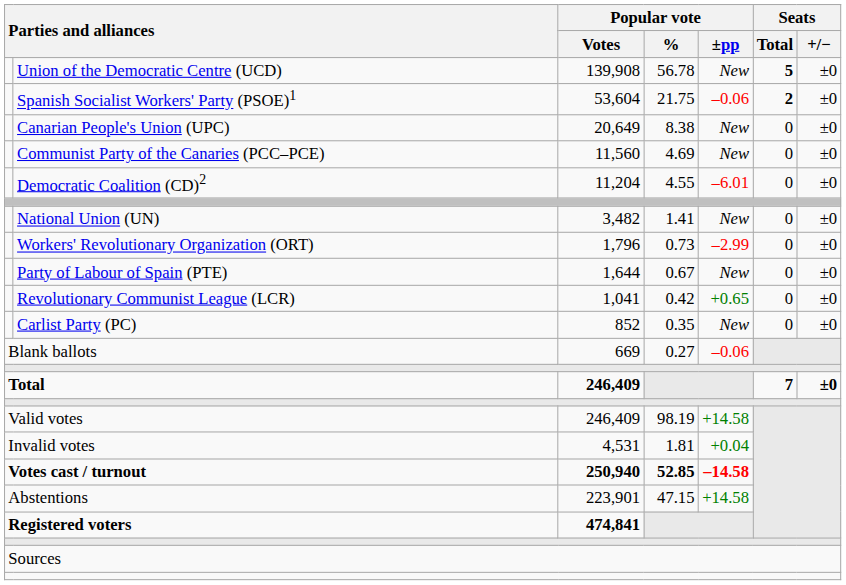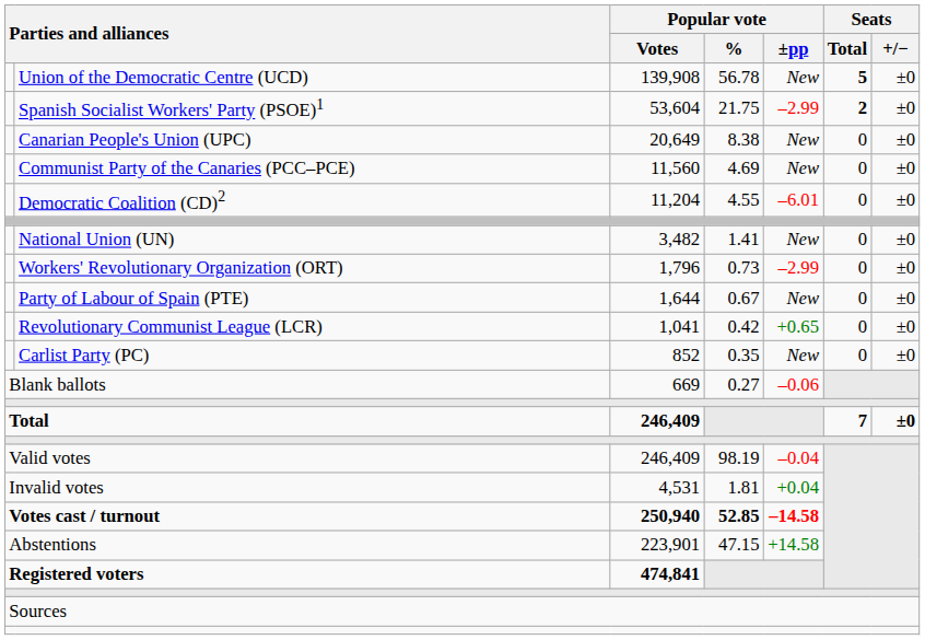 <table class="wikitable" style="text-align:right;">
 <tr>
 <th style="text-align:left;" rowspan="2" colspan="2" width="525">Parties and alliances</th>
 <th colspan="3">Popular vote</th>
 <th colspan="2">Seats</th>
 </tr>
 <tr>
 <th width="75">Votes</th>
 <th width="45">%</th>
 <th width="45">±<a href='#'>pp</a></th>
 <th width="35">Total</th>
 <th width="35">+/−</th>
 </tr>
 <tr>
 <td width="1" style="color:inherit;background:"></td>
 <td align="left"><a href='#'>Union of the Democratic Centre</a> (UCD)</td>
 <td>139,908</td>
 <td>56.78</td>
 <td><em>New</em></td>
 <td><strong>5</strong></td>
 <td>±0</td>
 </tr>
 <tr>
 <td style="color:inherit;background:"></td>
 <td align="left"><a href='#'>Spanish Socialist Workers' Party</a> (PSOE)<sup>1</sup></td>
 <td>53,604</td>
 <td>21.75</td>
-<td style="color:red;">–0.06</td>
+<td style="color:red;">–2.99</td>
 <td><strong>2</strong></td>
 <td>±0</td>
 </tr>
 <tr>
 <td style="color:inherit;background:"></td>
 <td align="left"><a href='#'>Canarian People's Union</a> (UPC)</td>
 <td>20,649</td>
 <td>8.38</td>
 <td><em>New</em></td>
 <td>0</td>
 <td>±0</td>
 </tr>
 <tr>
 <td style="color:inherit;background:"></td>
 <td align="left"><a href='#'>Communist Party of the Canaries</a> (PCC–PCE)</td>
 <td>11,560</td>
 <td>4.69</td>
 <td><em>New</em></td>
 <td>0</td>
 <td>±0</td>
 </tr>
 <tr>
 <td style="color:inherit;background:"></td>
 <td align="left"><a href='#'>Democratic Coalition</a> (CD)<sup>2</sup></td>
 <td>11,204</td>
 <td>4.55</td>
 <td style="color:red;">–6.01</td>
 <td>0</td>
 <td>±0</td>
 </tr>
 <tr>
 <td colspan="7" bgcolor="#C0C0C0"></td>
 </tr>
 <tr>
 <td style="color:inherit;background:"></td>
 <td align="left"><a href='#'>National Union</a> (UN)</td>
 <td>3,482</td>
 <td>1.41</td>
 <td><em>New</em></td>
 <td>0</td>
 <td>±0</td>
 </tr>
 <tr>
 <td style="color:inherit;background:"></td>
 <td align="left"><a href='#'>Workers' Revolutionary Organization</a> (ORT)</td>
 <td>1,796</td>
 <td>0.73</td>
 <td style="color:red;">–2.99</td>
 <td>0</td>
 <td>±0</td>
 </tr>
 <tr>
 <td style="color:inherit;background:"></td>
 <td align="left"><a href='#'>Party of Labour of Spain</a> (PTE)</td>
 <td>1,644</td>
 <td>0.67</td>
 <td><em>New</em></td>
 <td>0</td>
 <td>±0</td>
 </tr>
 <tr>
 <td style="color:inherit;background:"></td>
 <td align="left"><a href='#'>Revolutionary Communist League</a> (LCR)</td>
 <td>1,041</td>
 <td>0.42</td>
 <td style="color:green;">+0.65</td>
 <td>0</td>
 <td>±0</td>
 </tr>
 <tr>
 <td style="color:inherit;background:"></td>
 <td align="left"><a href='#'>Carlist Party</a> (PC)</td>
 <td>852</td>
 <td>0.35</td>
 <td><em>New</em></td>
 <td>0</td>
 <td>±0</td>
 </tr>
 <tr>
 <td align="left" colspan="2">Blank ballots</td>
 <td>669</td>
 <td>0.27</td>
 <td style="color:red;">–0.06</td>
 <td bgcolor="#E9E9E9" colspan="2"></td>
 </tr>
 <tr>
 <td colspan="7" bgcolor="#E9E9E9"></td>
 </tr>
 <tr style="font-weight:bold;">
 <td align="left" colspan="2">Total</td>
 <td>246,409</td>
 <td bgcolor="#E9E9E9" colspan="2"></td>
 <td>7</td>
 <td>±0</td>
 </tr>
 <tr>
 <td colspan="7" bgcolor="#E9E9E9"></td>
 </tr>
 <tr>
 <td align="left" colspan="2">Valid votes</td>
 <td>246,409</td>
 <td>98.19</td>
-<td style="color:green;">+14.58</td>
+<td style="color:red;">–0.04</td>
 <td bgcolor="#E9E9E9" colspan="2" rowspan="5"></td>
 </tr>
 <tr>
 <td align="left" colspan="2">Invalid votes</td>
 <td>4,531</td>
 <td>1.81</td>
 <td style="color:green;">+0.04</td>
 </tr>
 <tr style="font-weight:bold;">
 <td align="left" colspan="2">Votes cast / turnout</td>
 <td>250,940</td>
 <td>52.85</td>
 <td style="color:red;">–14.58</td>
 </tr>
 <tr>
 <td align="left" colspan="2">Abstentions</td>
 <td>223,901</td>
 <td>47.15</td>
 <td style="color:green;">+14.58</td>
 </tr>
 <tr style="font-weight:bold;">
 <td align="left" colspan="2">Registered voters</td>
 <td>474,841</td>
 <td bgcolor="#E9E9E9" colspan="2"></td>
 </tr>
 <tr>
 <td colspan="7" bgcolor="#E9E9E9"></td>
 </tr>
 <tr>
 <td align="left" colspan="7">Sources</td>
 </tr>
 <tr>
 <td colspan="7" style="text-align:left; max-width:790px;"></td>
 </tr>
 </table>
